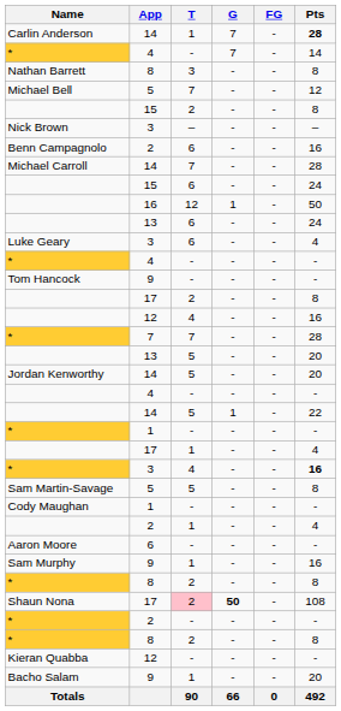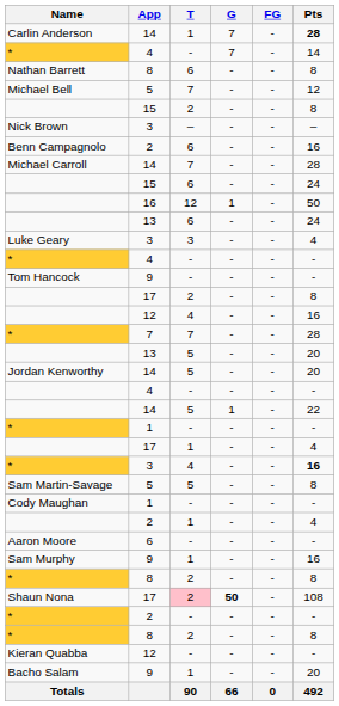 <table class="wikitable sortable" style="text-align: center;">
 <tr>
 <th style="width:10em">Name</th>
 <th style="width:3em"><a href='#'>App</a></th>
 <th style="width:3em"><a href='#'>T</a></th>
 <th style="width:3em"><a href='#'>G</a></th>
 <th style="width:3em"><a href='#'>FG</a></th>
 <th style="width:3em">Pts</th>
 </tr>
 <tr>
 <td style="text-align:left;">Carlin Anderson</td>
 <td>14</td>
 <td>1</td>
 <td>7</td>
 <td>-</td>
 <td><strong>28</strong></td>
 </tr>
 <tr>
 <td style="text-align:left; background:#FC3;">*</td>
 <td>4</td>
 <td>-</td>
 <td>7</td>
 <td>-</td>
 <td>14</td>
 </tr>
 <tr>
 <td style="text-align:left;">Nathan Barrett</td>
 <td>8</td>
-<td>3</td>
+<td>6</td>
 <td>-</td>
 <td>-</td>
 <td>8</td>
 </tr>
 <tr>
 <td style="text-align:left;">Michael Bell</td>
 <td>5</td>
 <td>7</td>
 <td>-</td>
 <td>-</td>
 <td>12</td>
 </tr>
 <tr>
 <td style="text-align:left;"></td>
 <td>15</td>
 <td>2</td>
 <td>-</td>
 <td>-</td>
 <td>8</td>
 </tr>
 <tr>
 <td style="text-align:left;">Nick Brown</td>
 <td>3</td>
 <td>–</td>
 <td>-</td>
 <td>-</td>
 <td>–</td>
 </tr>
 <tr>
 <td style="text-align:left;">Benn Campagnolo</td>
 <td>2</td>
 <td>6</td>
 <td>-</td>
 <td>-</td>
 <td>16</td>
 </tr>
 <tr>
 <td style="text-align:left;">Michael Carroll</td>
 <td>14</td>
 <td>7</td>
 <td>-</td>
 <td>-</td>
 <td>28</td>
 </tr>
 <tr>
 <td style="text-align:left;"></td>
 <td>15</td>
 <td>6</td>
 <td>-</td>
 <td>-</td>
 <td>24</td>
 </tr>
 <tr>
 <td style="text-align:left;"></td>
 <td>16</td>
 <td>12</td>
 <td>1</td>
 <td>-</td>
 <td>50</td>
 </tr>
 <tr>
 <td style="text-align:left;"></td>
 <td>13</td>
 <td>6</td>
 <td>-</td>
 <td>-</td>
 <td>24</td>
 </tr>
 <tr>
 <td style="text-align:left;">Luke Geary</td>
 <td>3</td>
-<td>6</td>
+<td>3</td>
 <td>-</td>
 <td>-</td>
 <td>4</td>
 </tr>
 <tr>
 <td style="text-align:left; background:#FC3;">*</td>
 <td>4</td>
 <td>-</td>
 <td>-</td>
 <td>-</td>
 <td>-</td>
 </tr>
 <tr>
 <td style="text-align:left;">Tom Hancock</td>
 <td>9</td>
 <td>-</td>
 <td>-</td>
 <td>-</td>
 <td>-</td>
 </tr>
 <tr>
 <td style="text-align:left;"></td>
 <td>17</td>
 <td>2</td>
 <td>-</td>
 <td>-</td>
 <td>8</td>
 </tr>
 <tr>
 <td style="text-align:left;"></td>
 <td>12</td>
 <td>4</td>
 <td>-</td>
 <td>-</td>
 <td>16</td>
 </tr>
 <tr>
 <td style="text-align:left; background:#FC3;">*</td>
 <td>7</td>
 <td>7</td>
 <td>-</td>
 <td>-</td>
 <td>28</td>
 </tr>
 <tr>
 <td style="text-align:left;"></td>
 <td>13</td>
 <td>5</td>
 <td>-</td>
 <td>-</td>
 <td>20</td>
 </tr>
 <tr>
 <td style="text-align:left;">Jordan Kenworthy</td>
 <td>14</td>
 <td>5</td>
 <td>-</td>
 <td>-</td>
 <td>20</td>
 </tr>
 <tr>
 <td style="text-align:left;"></td>
 <td>4</td>
 <td>-</td>
 <td>-</td>
 <td>-</td>
 <td>-</td>
 </tr>
 <tr>
 <td style="text-align:left;"></td>
 <td>14</td>
 <td>5</td>
 <td>1</td>
 <td>-</td>
 <td>22</td>
 </tr>
 <tr>
 <td style="text-align:left; background:#FC3;">*</td>
 <td>1</td>
 <td>-</td>
 <td>-</td>
 <td>-</td>
 <td>-</td>
 </tr>
 <tr>
 <td style="text-align:left;"></td>
 <td>17</td>
 <td>1</td>
 <td>-</td>
 <td>-</td>
 <td>4</td>
 </tr>
 <tr>
 <td style="text-align:left; background:#FC3;">*</td>
 <td>3</td>
 <td>4</td>
 <td>-</td>
 <td>-</td>
 <td><strong>16</strong></td>
 </tr>
 <tr>
 <td style="text-align:left;">Sam Martin-Savage</td>
 <td>5</td>
 <td>5</td>
 <td>-</td>
 <td>-</td>
 <td>8</td>
 </tr>
 <tr>
 <td style="text-align:left;">Cody Maughan</td>
 <td>1</td>
 <td>-</td>
 <td>-</td>
 <td>-</td>
 <td>-</td>
 </tr>
 <tr>
 <td style="text-align:left;"></td>
 <td>2</td>
 <td>1</td>
 <td>-</td>
 <td>-</td>
 <td>4</td>
 </tr>
 <tr>
 <td style="text-align:left;">Aaron Moore</td>
 <td>6</td>
 <td>-</td>
 <td>-</td>
 <td>-</td>
 <td>-</td>
 </tr>
 <tr>
 <td style="text-align:left;">Sam Murphy</td>
 <td>9</td>
 <td>1</td>
 <td>-</td>
 <td>-</td>
 <td>16</td>
 </tr>
 <tr>
 <td style="text-align:left; background:#FC3;">*</td>
 <td>8</td>
 <td>2</td>
 <td>-</td>
 <td>-</td>
 <td>8</td>
 </tr>
 <tr>
 <td style="text-align:left;">Shaun Nona</td>
 <td>17</td>
 <td style="background: pink;">2</td>
 <td><strong>50</strong></td>
 <td>-</td>
 <td>108</td>
 </tr>
 <tr>
 <td style="text-align:left; background:#FC3;">*</td>
 <td>2</td>
 <td>-</td>
 <td>-</td>
 <td>-</td>
 <td>-</td>
 </tr>
 <tr>
 <td style="text-align:left; background:#FC3;">*</td>
 <td>8</td>
 <td>2</td>
 <td>-</td>
 <td>-</td>
 <td>8</td>
 </tr>
 <tr>
 <td style="text-align:left;">Kieran Quabba</td>
 <td>12</td>
 <td>-</td>
 <td>-</td>
 <td>-</td>
 <td>-</td>
 </tr>
 <tr>
 <td style="text-align:left;">Bacho Salam</td>
 <td>9</td>
 <td>1</td>
 <td>-</td>
 <td>-</td>
 <td>20</td>
 </tr>
 <tr class="sortbottom">
 <th>Totals</th>
 <th></th>
 <th>90</th>
 <th>66</th>
 <th>0</th>
 <th>492</th>
 </tr>
 </table>
